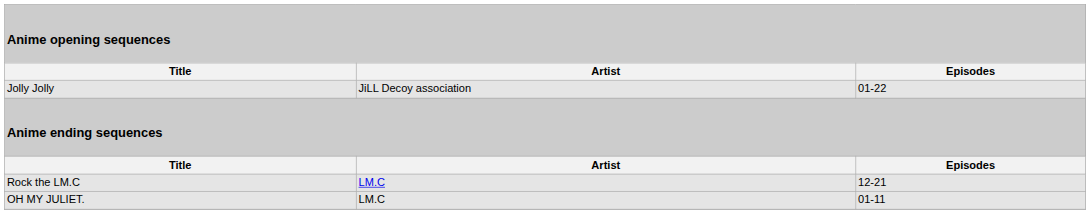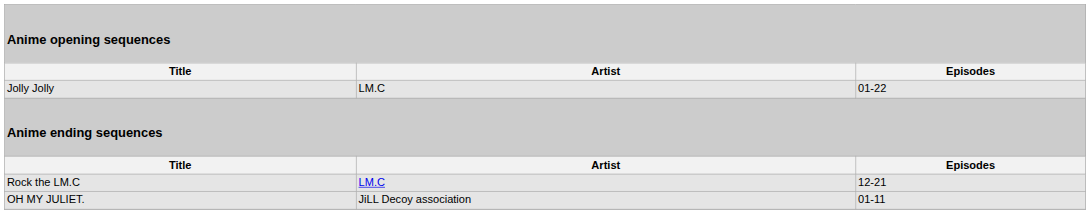 <table class="wikitable" width="99%">
 <tr bgcolor="#CCCCCC">
 <td colspan="3"><br><h3>Anime opening sequences</h3></td>
 </tr>
 <tr>
 <th>Title</th>
 <th>Artist</th>
 <th>Episodes</th>
 </tr>
 <tr bgcolor="#E5E5E5">
 <td>Jolly Jolly</td>
-<td>JiLL Decoy association</td>
+<td>LM.C</td>
 <td>01-22</td>
 </tr>
 <tr bgcolor="#CCCCCC">
 <td colspan="3"><br><h3>Anime ending sequences</h3></td>
 </tr>
 <tr>
 <th>Title</th>
 <th>Artist</th>
 <th>Episodes</th>
 </tr>
 <tr bgcolor="#E5E5E5">
 <td>Rock the LM.C</td>
 <td><a href='#'>LM.C</a></td>
 <td>12-21</td>
 </tr>
 <tr bgcolor="#E5E5E5">
 <td>OH MY JULIET.</td>
-<td>LM.C</td>
+<td>JiLL Decoy association</td>
 <td>01-11</td>
 </tr>
 <tr bgcolor="#CCCCCC">
 </tr>
 </table>
